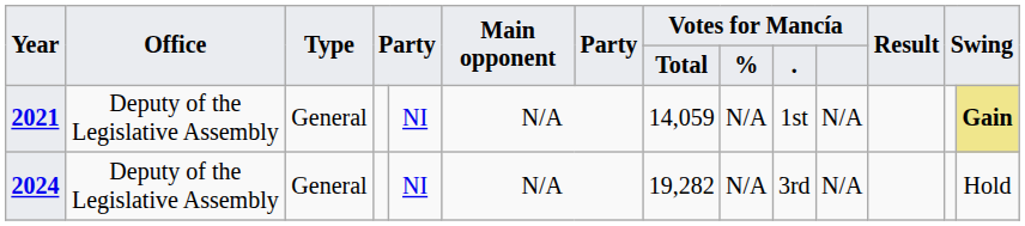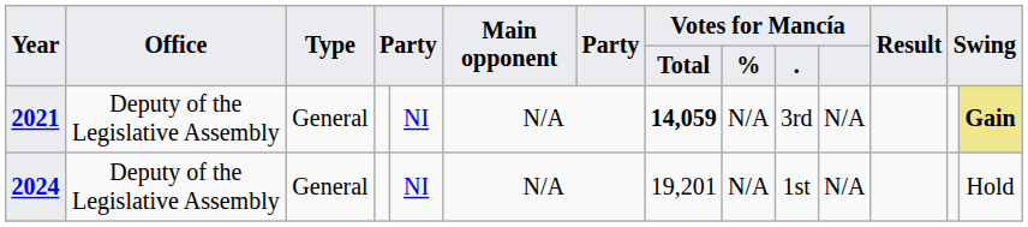 <table class="wikitable" style="font-size:90%; text-align:center;">
 <tr>
 <th style="background-color:#EAECF0;" rowspan="2">Year</th>
 <th style="background-color:#EAECF0;" rowspan="2">Office</th>
 <th style="background-color:#EAECF0;" rowspan="2">Type</th>
 <th style="background-color:#EAECF0;" colspan="2" rowspan="2">Party</th>
 <th style="background-color:#EAECF0;" rowspan="2">Main opponent</th>
 <th style="background-color:#EAECF0;" colspan="2" rowspan="2">Party</th>
 <th style="background-color:#EAECF0;" colspan="4">Votes for Mancía</th>
 <th style="background-color:#EAECF0;" rowspan="2">Result</th>
 <th style="background-color:#EAECF0;" colspan="2" rowspan="2">Swing</th>
 </tr>
 <tr>
 <th style="background-color:#EAECF0;">Total</th>
 <th style="background-color:#EAECF0;">%</th>
 <th style="background-color:#EAECF0;">.</th>
 <th style="background-color:#EAECF0;"></th>
 </tr>
 <tr>
 <th style="background-color:#EAECF0;"><a href='#'>2021</a></th>
 <td>Deputy of the Legislative Assembly</td>
 <td>General</td>
 <td style="background-color:"></td>
 <td><a href='#'>NI</a></td>
 <td colspan="3">N/A</td>
-<td>14,059</td>
+<td><strong>14,059</strong></td>
 <td>N/A</td>
-<td>1st</td>
+<td>3rd</td>
 <td>N/A</td>
 <td></td>
 <td style="background-color:"></td>
 <td style="background: khaki;"><strong>Gain</strong></td>
 </tr>
 <tr>
 <th style="background-color:#EAECF0;"><a href='#'>2024</a></th>
 <td>Deputy of the Legislative Assembly</td>
 <td>General</td>
 <td style="background-color:"></td>
 <td><a href='#'>NI</a></td>
 <td colspan="3">N/A</td>
-<td>19,282</td>
+<td>19,201</td>
 <td>N/A</td>
-<td>3rd</td>
+<td>1st</td>
 <td>N/A</td>
 <td></td>
 <td style="background-color:"></td>
 <td>Hold</td>
 </tr>
 </table>
